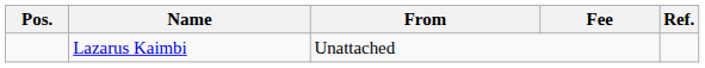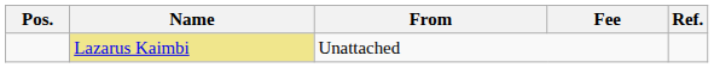 <table class="wikitable">
 <tr>
 <th style="width:50px">Pos.</th>
 <th style="width:210px">Name</th>
 <th style="width:200px">From</th>
 <th style="width:100px">Fee</th>
 <th style="width:20px">Ref.</th>
 </tr>
 <tr>
 <td></td>
-<td align=left> <a href='#'>Lazarus Kaimbi</a></td>
+<td align=left style="background: khaki;"> <a href='#'>Lazarus Kaimbi</a></td>
 <td colspan=2>Unattached</td>
 <td></td>
 </tr>
 </table>
